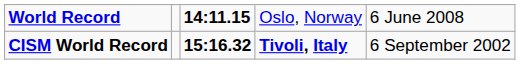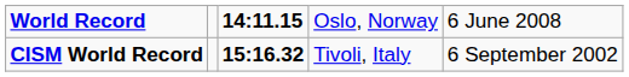 <table class="wikitable">
 <tr>
 <td><strong><a href='#'>World Record</a></strong></td>
 <td></td>
 <td><strong>14:11.15</strong></td>
 <td><a href='#'>Oslo</a>, <a href='#'>Norway</a></td>
 <td>6 June 2008</td>
 </tr>
 <tr>
 <td><strong><a href='#'>CISM</a> World Record</strong></td>
 <td></td>
 <td><strong>15:16.32</strong></td>
-<td><strong><a href='#'>Tivoli</a>, <a href='#'>Italy</a></strong></td>
+<td><a href='#'>Tivoli</a>, <a href='#'>Italy</a></td>
 <td>6 September 2002</td>
 </tr>
 </table>
